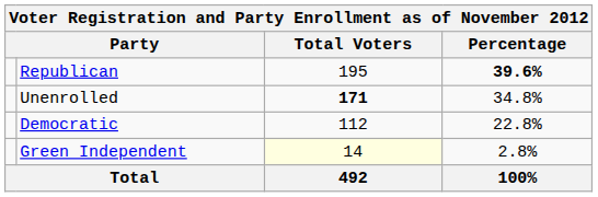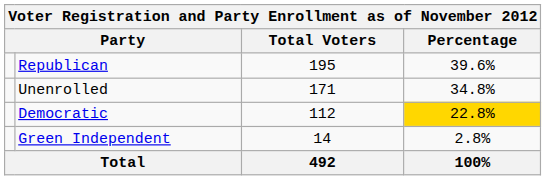 <table class=wikitable>
 <tr>
 <th colspan = 6>Voter Registration and Party Enrollment as of November 2012</th>
 </tr>
 <tr>
 <th colspan = 2>Party</th>
 <th>Total Voters</th>
 <th>Percentage</th>
 </tr>
 <tr>
 <td></td>
 <td><a href='#'>Republican</a></td>
 <td align = center>195</td>
-<td align = center><strong>39.6%</strong></td>
+<td align = center>39.6%</td>
 </tr>
 <tr>
 <td></td>
 <td>Unenrolled</td>
-<td align = center><strong>171</strong></td>
+<td align = center>171</td>
 <td align = center>34.8%</td>
 </tr>
 <tr>
 <td></td>
 <td><a href='#'>Democratic</a></td>
 <td align = center>112</td>
-<td align = center>22.8%</td>
+<td align = center style="background: gold;">22.8%</td>
 </tr>
 <tr>
 <td></td>
 <td><a href='#'>Green Independent</a></td>
-<td align = center style="background: lightyellow;">14</td>
+<td align = center>14</td>
 <td align = center>2.8%</td>
 </tr>
 <tr>
 <th colspan = 2>Total</th>
 <th align = center>492</th>
 <th align = center>100%</th>
 </tr>
 </table>
